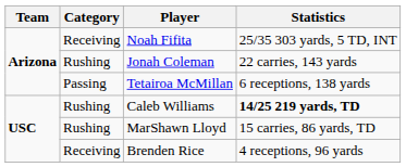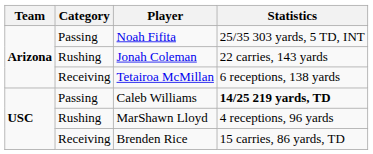 <table class="wikitable" style="float: right;">
 <tr>
 <th>Team</th>
 <th>Category</th>
 <th>Player</th>
 <th>Statistics</th>
 </tr>
 <tr>
 <td rowspan=3><strong>Arizona</strong></td>
-<td>Receiving</td>
+<td>Passing</td>
 <td><a href='#'>Noah Fifita</a></td>
 <td>25/35 303 yards, 5 TD, INT</td>
 </tr>
 <tr>
 <td>Rushing</td>
 <td><a href='#'>Jonah Coleman</a></td>
 <td>22 carries, 143 yards</td>
 </tr>
 <tr>
-<td>Passing</td>
+<td>Receiving</td>
 <td><a href='#'>Tetairoa McMillan</a></td>
 <td>6 receptions, 138 yards</td>
 </tr>
 <tr>
 <td rowspan=3><strong>USC</strong></td>
-<td>Rushing</td>
+<td>Passing</td>
 <td>Caleb Williams</td>
 <td><strong>14/25 219 yards, TD</strong></td>
 </tr>
 <tr>
 <td>Rushing</td>
 <td>MarShawn Lloyd</td>
-<td>15 carries, 86 yards, TD</td>
+<td>4 receptions, 96 yards</td>
 </tr>
 <tr>
 <td>Receiving</td>
 <td>Brenden Rice</td>
-<td>4 receptions, 96 yards</td>
+<td>15 carries, 86 yards, TD</td>
 </tr>
 </table>
